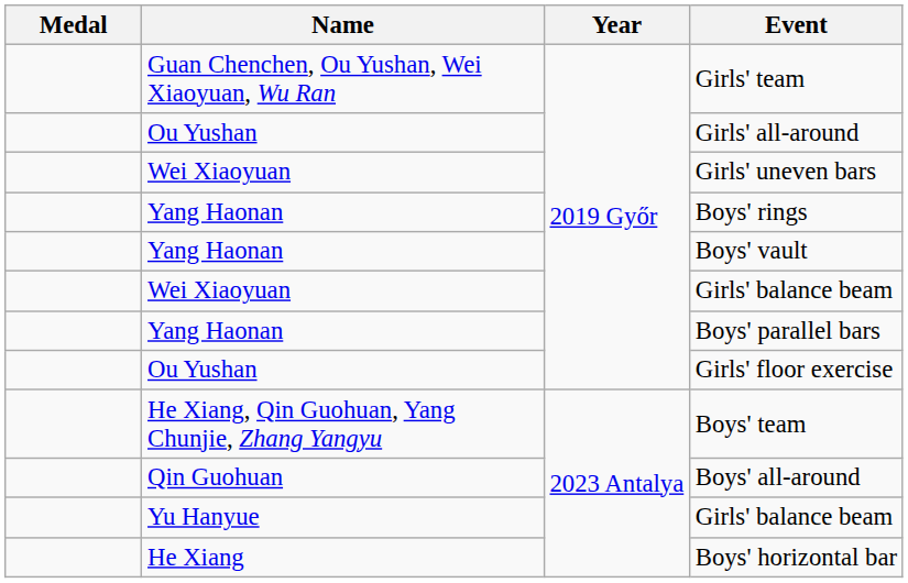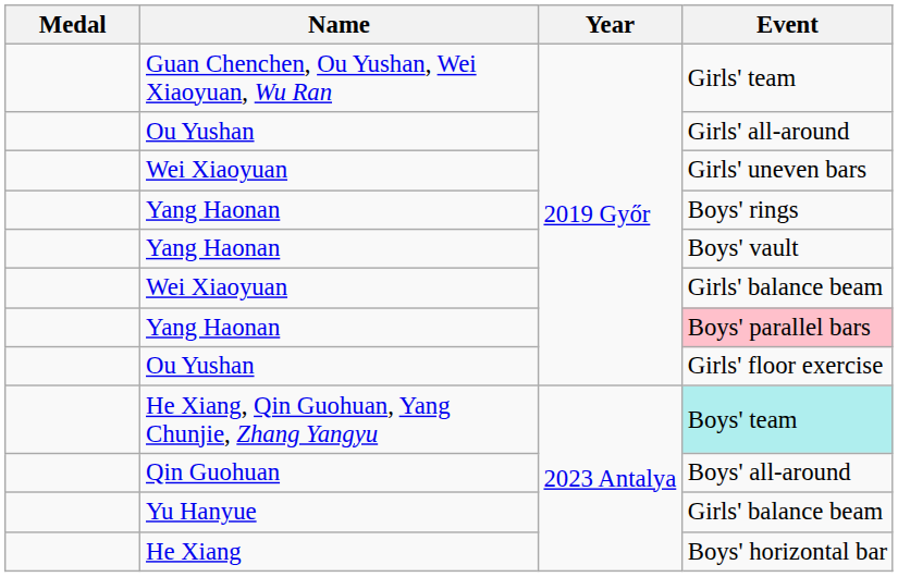 <table class="wikitable sortable">
 <tr>
 <th style="width:5em;">Medal</th>
 <th width=250>Name</th>
 <th>Year</th>
 <th>Event</th>
 </tr>
 <tr>
 <td></td>
 <td><a href='#'>Guan Chenchen</a>, <a href='#'>Ou Yushan</a>, <a href='#'>Wei Xiaoyuan</a>, <em><a href='#'>Wu Ran</a></em></td>
 <td rowspan="8"> <a href='#'>2019 Győr</a></td>
 <td>Girls' team</td>
 </tr>
 <tr>
 <td></td>
 <td><a href='#'>Ou Yushan</a></td>
 <td>Girls' all-around</td>
 </tr>
 <tr>
 <td></td>
 <td><a href='#'>Wei Xiaoyuan</a></td>
 <td>Girls' uneven bars</td>
 </tr>
 <tr>
 <td></td>
 <td><a href='#'>Yang Haonan</a></td>
 <td>Boys' rings</td>
 </tr>
 <tr>
 <td></td>
 <td><a href='#'>Yang Haonan</a></td>
 <td>Boys' vault</td>
 </tr>
 <tr>
 <td></td>
 <td><a href='#'>Wei Xiaoyuan</a></td>
 <td>Girls' balance beam</td>
 </tr>
 <tr>
 <td></td>
 <td><a href='#'>Yang Haonan</a></td>
-<td>Boys' parallel bars</td>
+<td style="background: pink;">Boys' parallel bars</td>
 </tr>
 <tr>
 <td></td>
 <td><a href='#'>Ou Yushan</a></td>
 <td>Girls' floor exercise</td>
 </tr>
 <tr>
 <td></td>
 <td><a href='#'>He Xiang</a>, <a href='#'>Qin Guohuan</a>, <a href='#'>Yang Chunjie</a>, <em><a href='#'>Zhang Yangyu</a></em></td>
 <td rowspan="4"> <a href='#'>2023 Antalya</a></td>
-<td>Boys' team</td>
+<td style="background: paleturquoise;">Boys' team</td>
 </tr>
 <tr>
 <td></td>
 <td><a href='#'>Qin Guohuan</a></td>
 <td>Boys' all-around</td>
 </tr>
 <tr>
 <td></td>
 <td><a href='#'>Yu Hanyue</a></td>
 <td>Girls' balance beam</td>
 </tr>
 <tr>
 <td></td>
 <td><a href='#'>He Xiang</a></td>
 <td>Boys' horizontal bar</td>
 </tr>
 </table>
